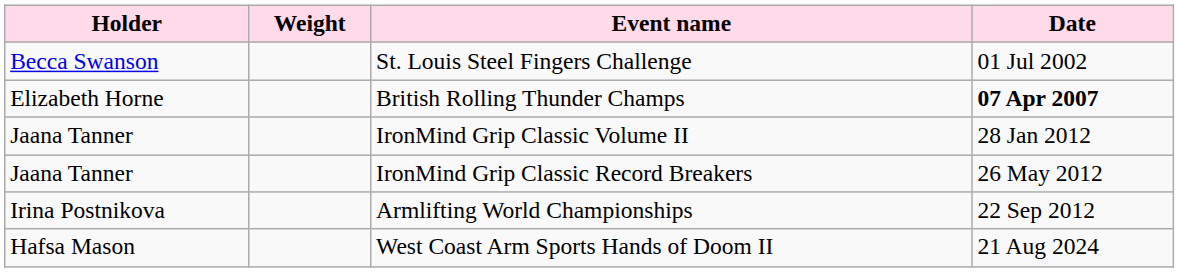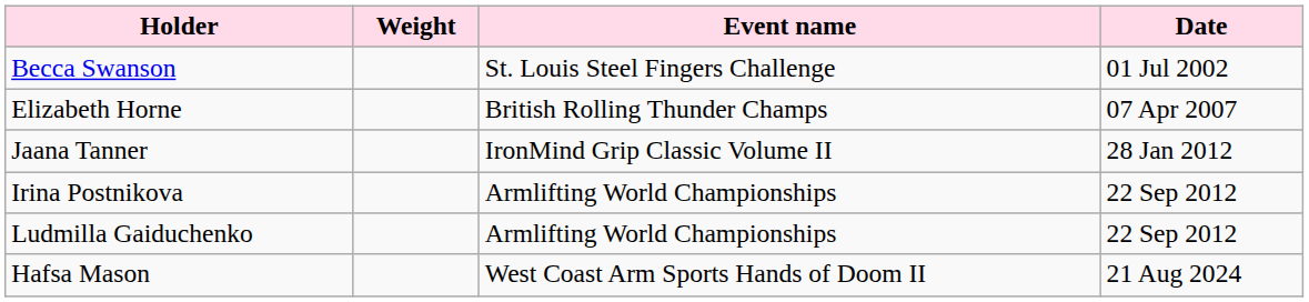 <table class="wikitable" style="display: inline-table;width: 90%;">
 <tr>
 <th style="background: #FFDAE9;">Holder</th>
 <th style="background: #FFDAE9;">Weight</th>
 <th style="background: #FFDAE9;">Event name</th>
 <th style="background: #FFDAE9;">Date</th>
 </tr>
 <tr>
 <td> <a href='#'>Becca Swanson</a></td>
 <td></td>
 <td>St. Louis Steel Fingers Challenge</td>
 <td>01 Jul 2002</td>
 </tr>
 <tr>
 <td> Elizabeth Horne</td>
 <td></td>
 <td>British Rolling Thunder Champs</td>
-<td><strong>07 Apr 2007</strong></td>
+<td>07 Apr 2007</td>
 </tr>
 <tr>
 <td> Jaana Tanner</td>
 <td></td>
 <td>IronMind Grip Classic Volume II</td>
 <td>28 Jan 2012</td>
 </tr>
 <tr>
-<td> Jaana Tanner</td>
+<td> Irina Postnikova</td>
 <td></td>
-<td>IronMind Grip Classic Record Breakers</td>
-<td>26 May 2012</td>
+<td>Armlifting World Championships</td>
+<td>22 Sep 2012</td>
 </tr>
 <tr>
-<td> Irina Postnikova</td>
+<td> Ludmilla Gaiduchenko</td>
 <td></td>
 <td>Armlifting World Championships</td>
 <td>22 Sep 2012</td>
 </tr>
 <tr>
 <td> Hafsa Mason</td>
 <td></td>
 <td>West Coast Arm Sports Hands of Doom II</td>
 <td>21 Aug 2024</td>
 </tr>
 </table>
